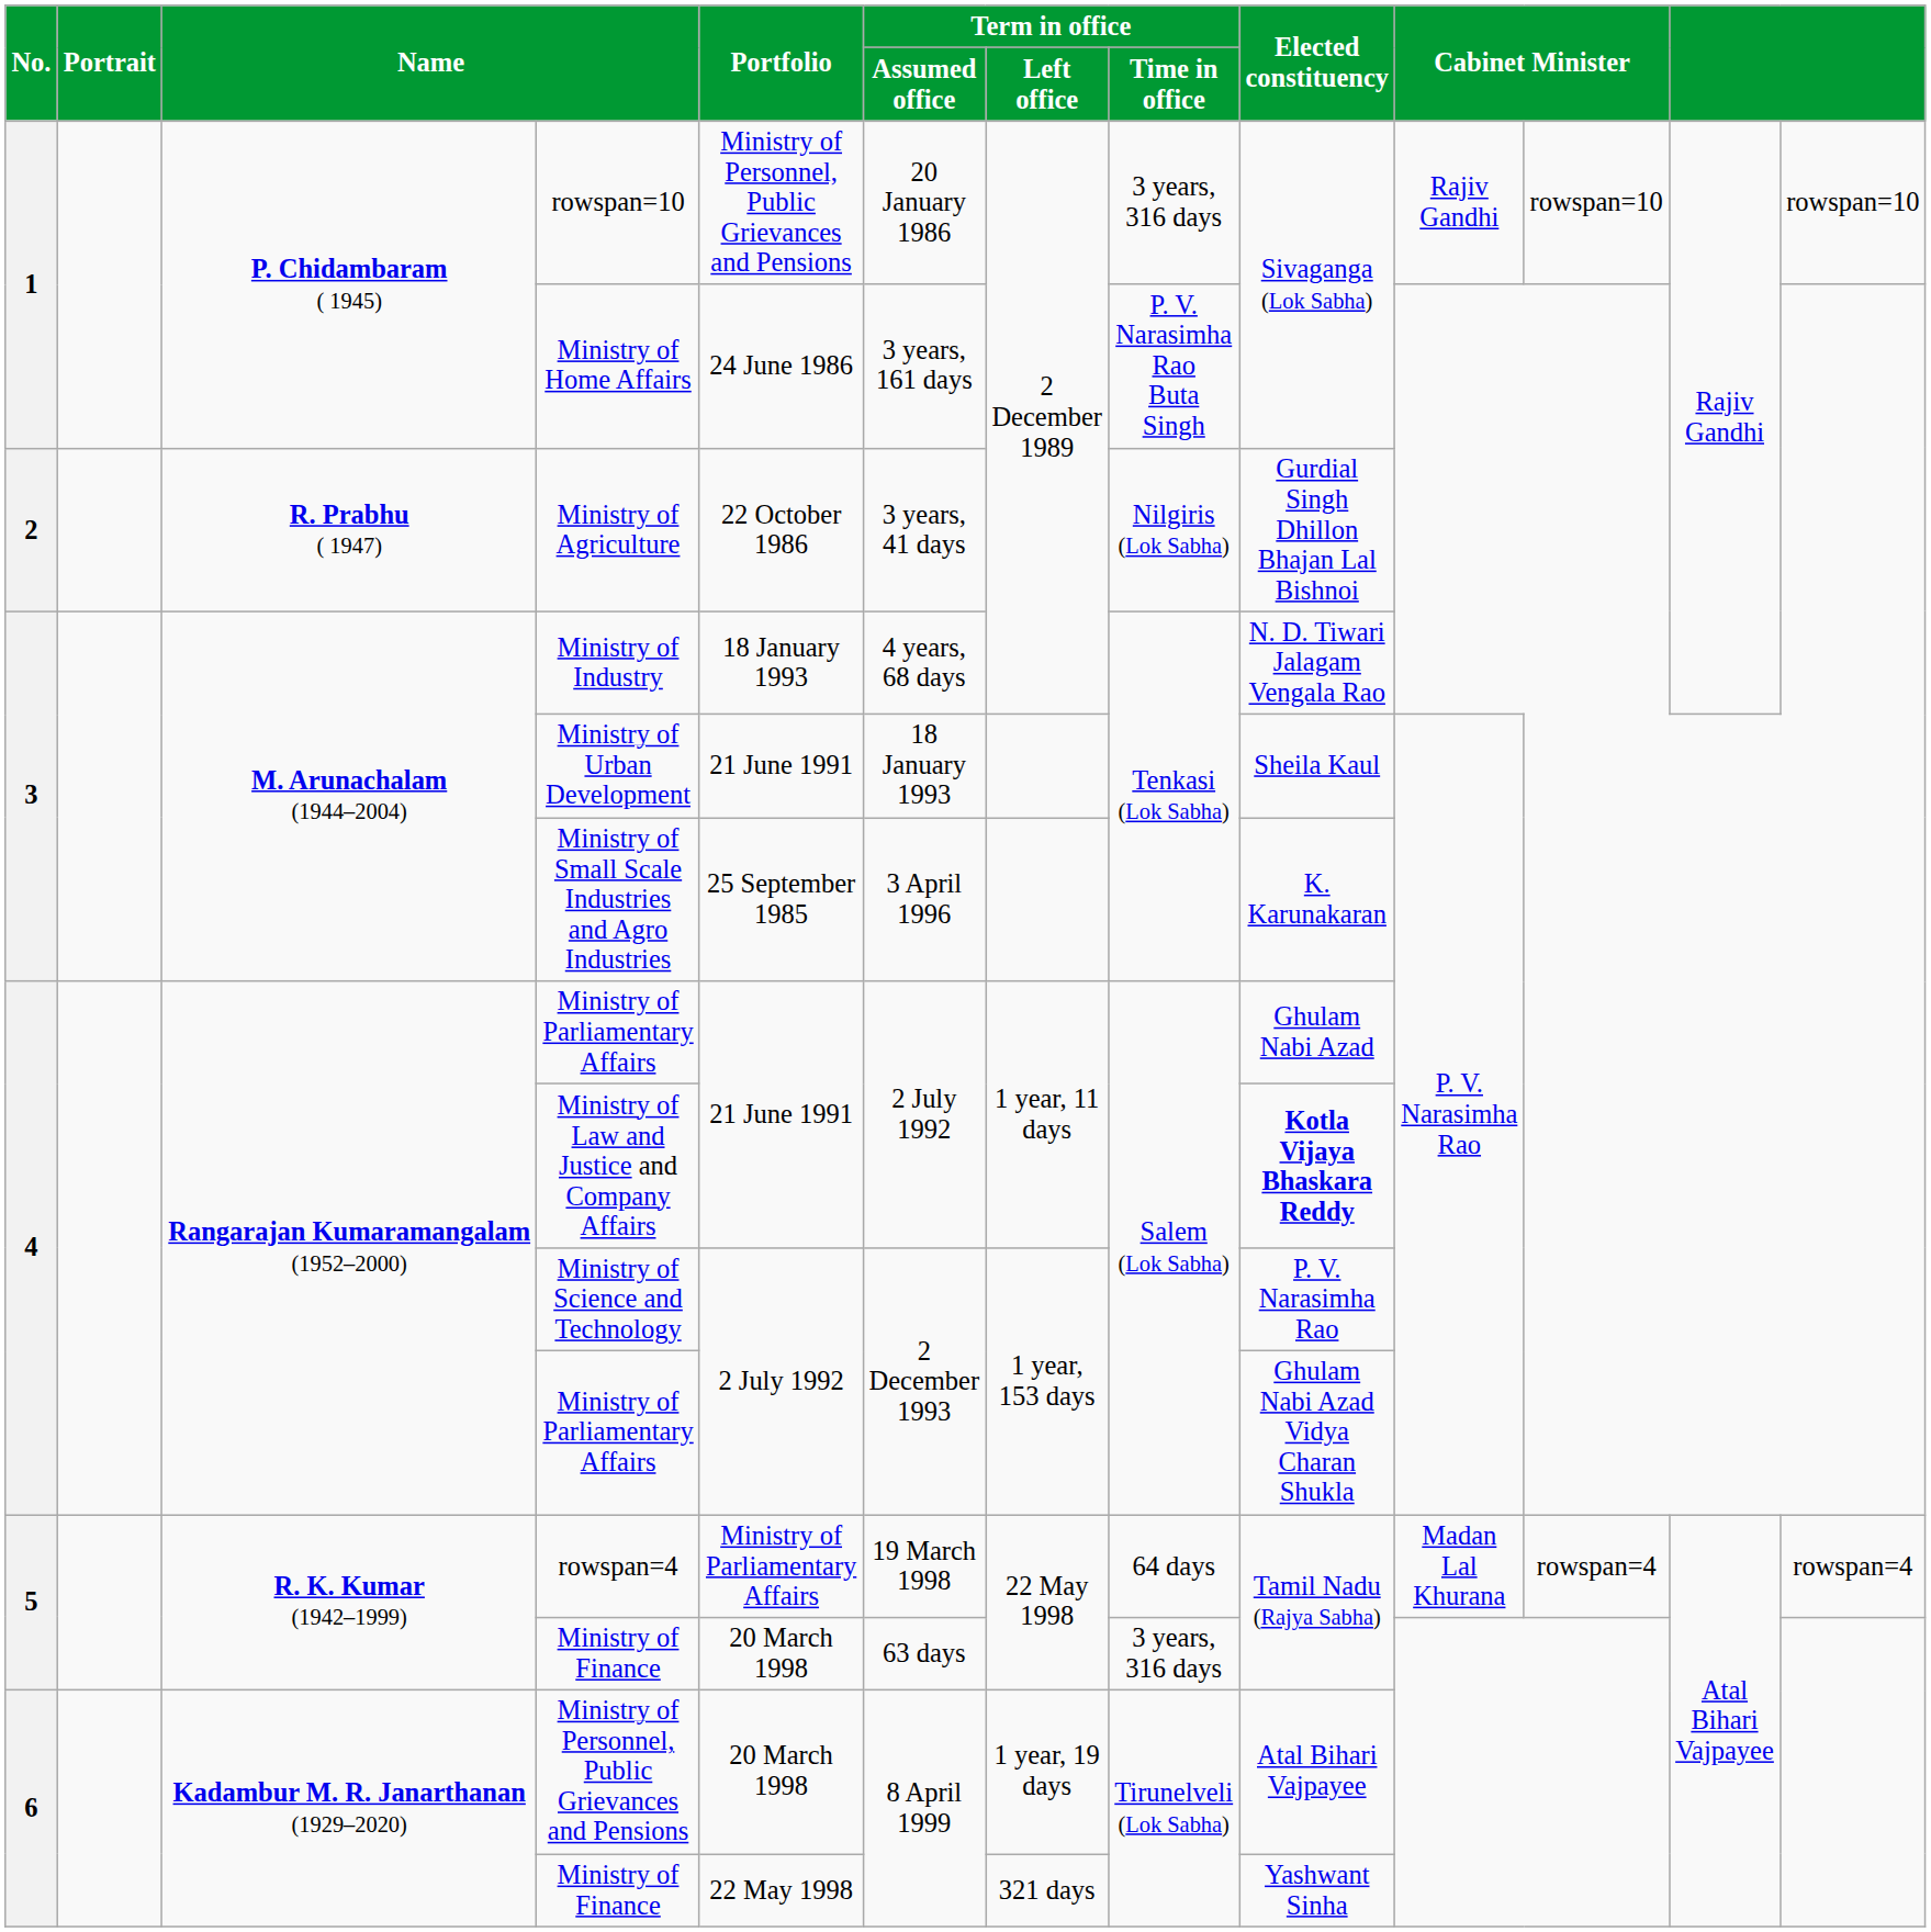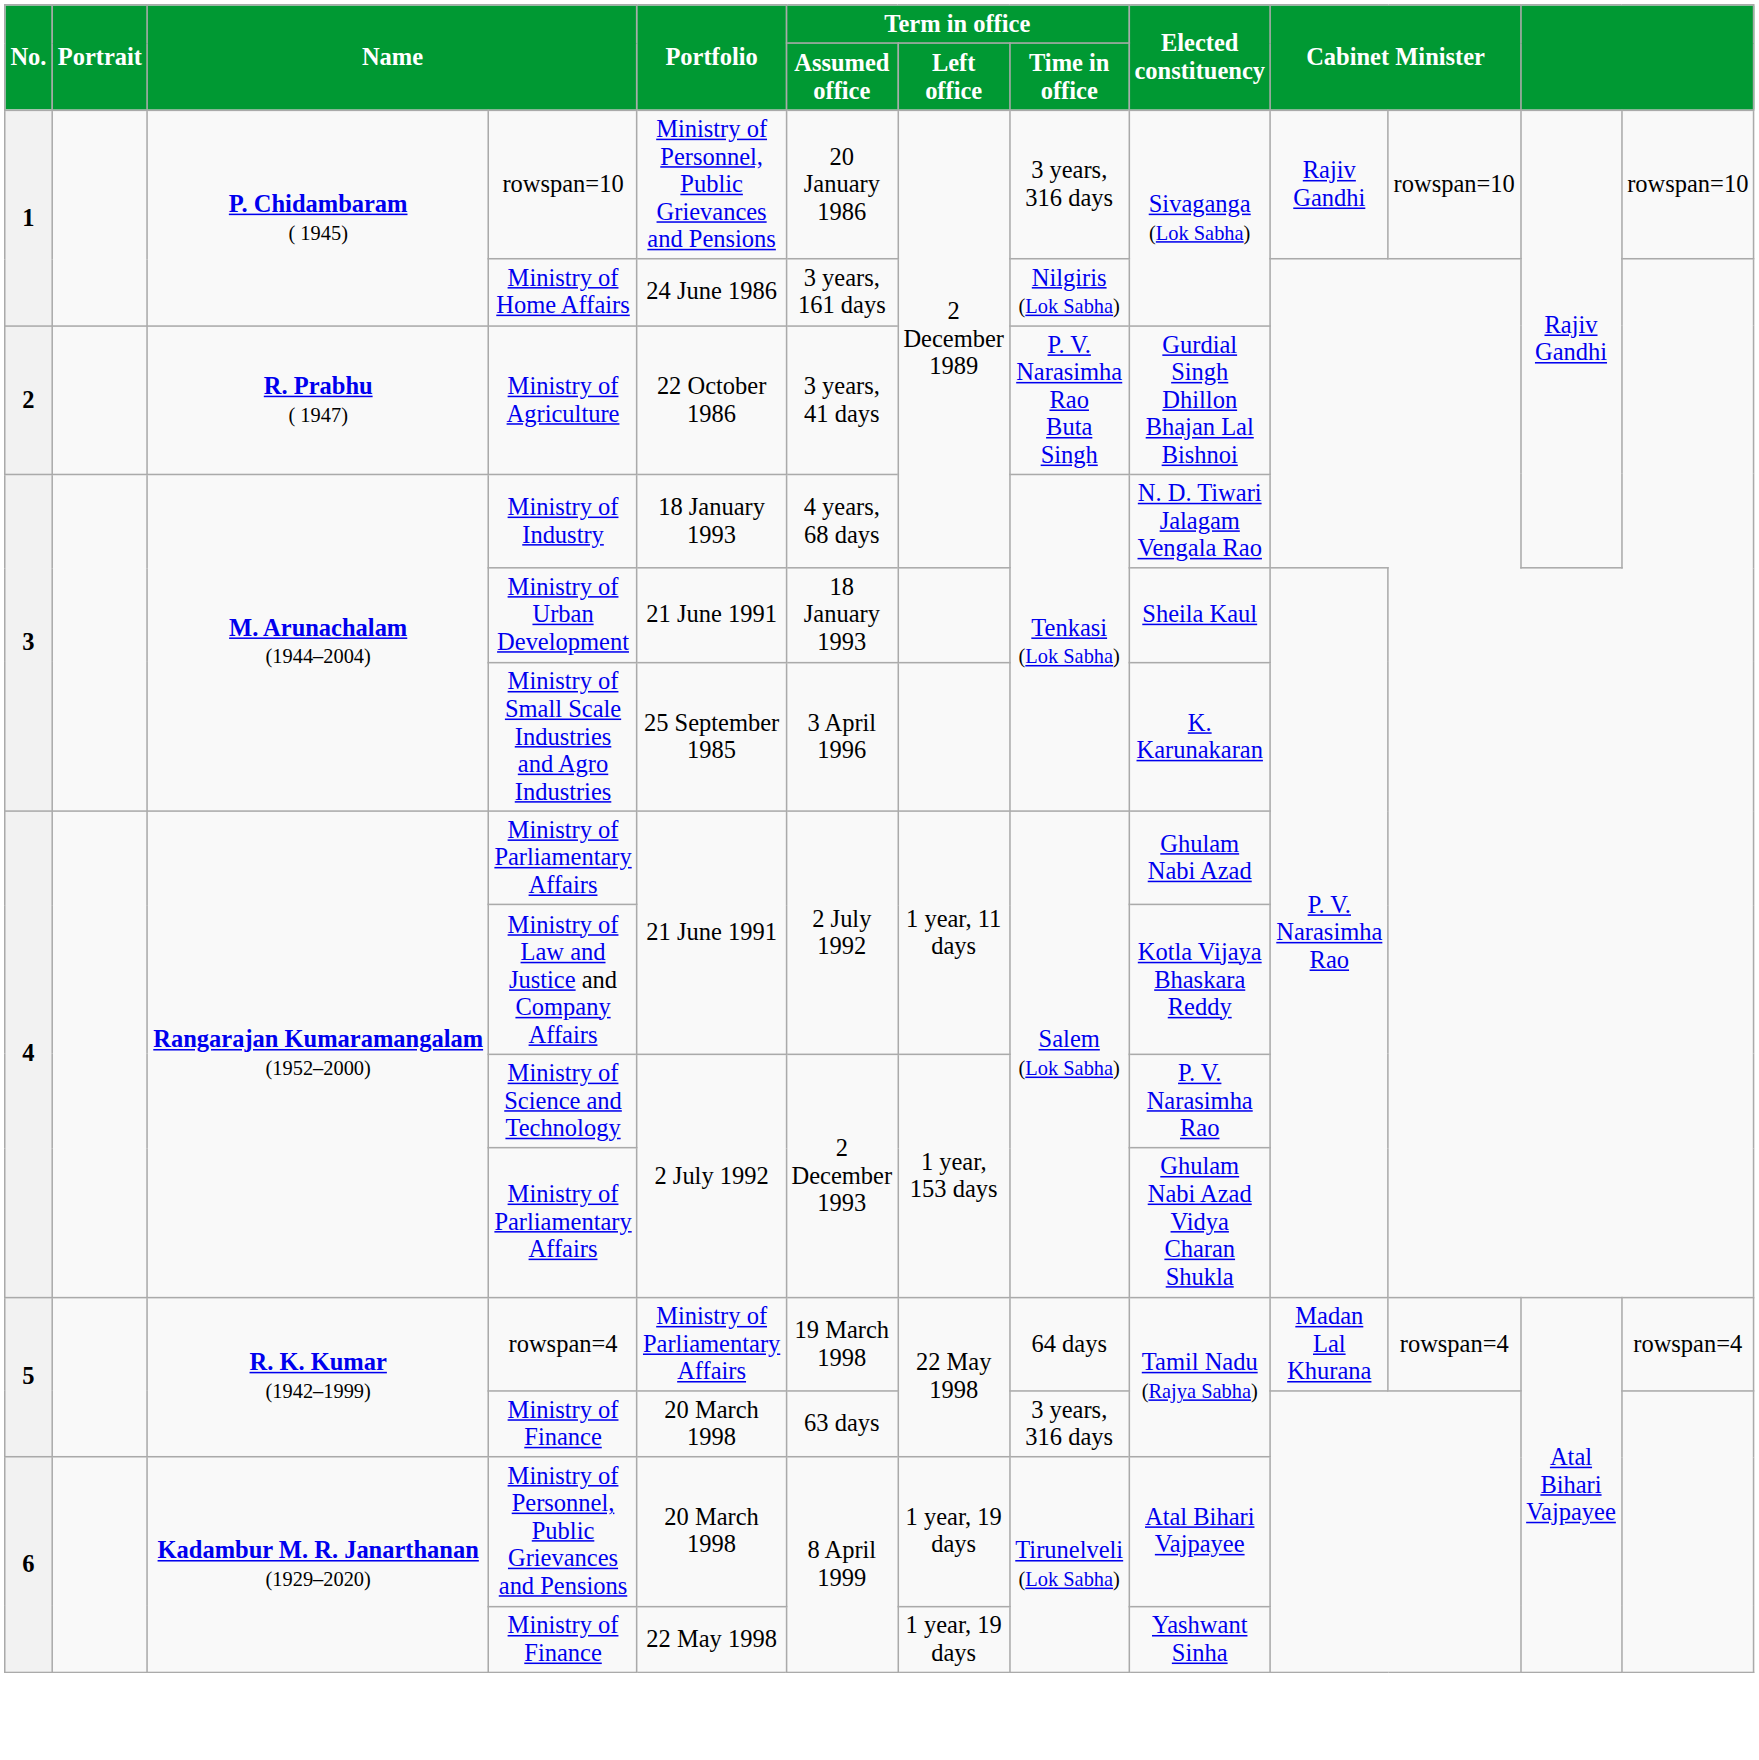 <table class="wikitable sortable" style="text-align:center;">
 <tr>
 <th rowspan=2 style="background-color:#009933;color:white">No.</th>
 <th rowspan=2 style="background-color:#009933;color:white">Portrait</th>
 <th rowspan=2 colspan=2 style="background-color:#009933;color:white">Name<br></th>
 <th rowspan=2 style="background-color:#009933;color:white">Portfolio</th>
 <th colspan=3 style="background-color:#009933;color:white">Term in office</th>
 <th rowspan=2 style="background-color:#009933;color:white">Elected constituency<br></th>
 <th rowspan=2 colspan=2 style="background-color:#009933;color:white">Cabinet Minister</th>
 <th rowspan=2 colspan=2 style="background-color:#009933;color:white"><a href='#'></a></th>
 </tr>
 <tr>
 <th style="background-color:#009933;color:white">Assumed office</th>
 <th style="background-color:#009933;color:white">Left office</th>
 <th style="background-color:#009933;color:white">Time in office</th>
 </tr>
 <tr>
 <th rowspan=2>1</th>
 <td rowspan=2></td>
 <td rowspan=2><strong><a href='#'>P. Chidambaram</a></strong><br><small>( 1945)</small></td>
 <td>rowspan=10 </td>
 <td><a href='#'>Ministry of Personnel, Public Grievances and Pensions</a></td>
 <td>20 January 1986</td>
 <td rowspan=4>2 December 1989</td>
 <td>3 years, 316 days</td>
 <td rowspan=2><a href='#'>Sivaganga</a><br><small>(<a href='#'>Lok Sabha</a>)</small></td>
 <td><a href='#'>Rajiv Gandhi</a></td>
 <td>rowspan=10 </td>
 <td rowspan=4><a href='#'>Rajiv Gandhi</a></td>
 <td>rowspan=10 </td>
 </tr>
 <tr>
 <td><a href='#'>Ministry of Home Affairs</a></td>
 <td>24 June 1986</td>
 <td>3 years, 161 days</td>
-<td><a href='#'>P. V. Narasimha Rao</a><br><a href='#'>Buta Singh</a></td>
+<td><a href='#'>Nilgiris</a><br><small>(<a href='#'>Lok Sabha</a>)</small></td>
 </tr>
 <tr>
 <th>2</th>
 <td></td>
 <td><strong><a href='#'>R. Prabhu</a></strong><br><small>( 1947)</small></td>
 <td><a href='#'>Ministry of Agriculture</a></td>
 <td>22 October 1986</td>
 <td>3 years, 41 days</td>
-<td><a href='#'>Nilgiris</a><br><small>(<a href='#'>Lok Sabha</a>)</small></td>
+<td><a href='#'>P. V. Narasimha Rao</a><br><a href='#'>Buta Singh</a></td>
 <td><a href='#'>Gurdial Singh Dhillon</a><br><a href='#'>Bhajan Lal Bishnoi</a></td>
 </tr>
 <tr>
 <th rowspan=3>3</th>
 <td rowspan=3></td>
 <td rowspan=3><strong><a href='#'>M. Arunachalam</a></strong><br><small>(1944–2004)</small></td>
 <td><a href='#'>Ministry of Industry</a></td>
 <td>18 January 1993</td>
 <td>4 years, 68 days</td>
 <td rowspan=3><a href='#'>Tenkasi</a><br><small>(<a href='#'>Lok Sabha</a>)</small></td>
 <td><a href='#'>N. D. Tiwari</a><br><a href='#'>Jalagam Vengala Rao</a></td>
 </tr>
 <tr>
 <td><a href='#'>Ministry of Urban Development</a></td>
 <td>21 June 1991</td>
 <td>18 January 1993</td>
 <td></td>
 <td><a href='#'>Sheila Kaul</a></td>
 <td rowspan=6><a href='#'>P. V. Narasimha Rao</a></td>
 </tr>
 <tr>
 <td><a href='#'>Ministry of Small Scale Industries and Agro Industries</a></td>
 <td>25 September 1985</td>
 <td>3 April 1996</td>
 <td></td>
 <td><a href='#'>K. Karunakaran</a></td>
 </tr>
 <tr>
 <th rowspan=4>4</th>
 <td rowspan=4></td>
 <td rowspan=4><strong><a href='#'>Rangarajan&nbsp;Kumaramangalam</a></strong><br><small>(1952–2000)</small></td>
 <td><a href='#'>Ministry of Parliamentary Affairs</a></td>
 <td rowspan=2>21 June 1991</td>
 <td rowspan=2>2 July 1992</td>
 <td rowspan=2>1 year, 11 days</td>
 <td rowspan=4><a href='#'>Salem</a><br><small>(<a href='#'>Lok Sabha</a>)</small></td>
 <td><a href='#'>Ghulam Nabi Azad</a></td>
 </tr>
 <tr>
 <td><a href='#'>Ministry of Law and Justice</a> and <a href='#'>Company Affairs</a></td>
-<td><strong><a href='#'>Kotla Vijaya Bhaskara Reddy</a></strong></td>
+<td><a href='#'>Kotla Vijaya Bhaskara Reddy</a></td>
 </tr>
 <tr>
 <td><a href='#'>Ministry of Science and Technology</a></td>
 <td rowspan=2>2 July 1992</td>
 <td rowspan=2>2 December 1993</td>
 <td rowspan=2>1 year, 153 days</td>
 <td><a href='#'>P. V. Narasimha Rao</a></td>
 </tr>
 <tr>
 <td><a href='#'>Ministry of Parliamentary Affairs</a></td>
 <td><a href='#'>Ghulam Nabi Azad</a><br><a href='#'>Vidya Charan Shukla</a></td>
 </tr>
 <tr>
 <th rowspan=2>5</th>
 <td rowspan=2></td>
 <td rowspan=2><strong><a href='#'>R. K. Kumar</a></strong><br><small>(1942–1999)</small></td>
 <td>rowspan=4 </td>
 <td><a href='#'>Ministry of Parliamentary Affairs</a></td>
 <td>19 March 1998</td>
 <td rowspan=2>22 May 1998</td>
 <td>64 days</td>
 <td rowspan=2><a href='#'>Tamil Nadu</a><br><small>(<a href='#'>Rajya Sabha</a>)</small></td>
 <td><a href='#'>Madan Lal Khurana</a></td>
 <td>rowspan=4 </td>
 <td rowspan=4><a href='#'>Atal Bihari Vajpayee</a></td>
 <td>rowspan=4 </td>
 </tr>
 <tr>
 <td><a href='#'>Ministry of Finance</a></td>
 <td>20 March 1998</td>
 <td>63 days</td>
 <td>3 years, 316 days</td>
 </tr>
 <tr>
 <th rowspan=2>6</th>
 <td rowspan=2></td>
 <td rowspan=2><strong><a href='#'>Kadambur M. R. Janarthanan</a></strong><br><small>(1929–2020)</small></td>
 <td><a href='#'>Ministry of Personnel, Public Grievances and Pensions</a></td>
 <td>20 March 1998</td>
 <td rowspan=2>8 April 1999</td>
 <td>1 year, 19 days</td>
 <td rowspan=2><a href='#'>Tirunelveli</a><br><small>(<a href='#'>Lok Sabha</a>)</small></td>
 <td><a href='#'>Atal Bihari Vajpayee</a></td>
 </tr>
 <tr>
 <td><a href='#'>Ministry of Finance</a></td>
 <td>22 May 1998</td>
-<td>321 days</td>
+<td>1 year, 19 days</td>
 <td><a href='#'>Yashwant Sinha</a></td>
 </tr>
 </table>
